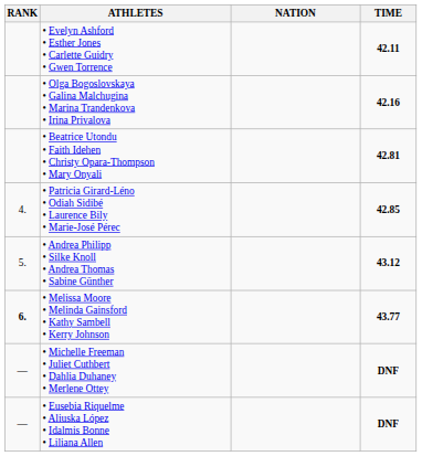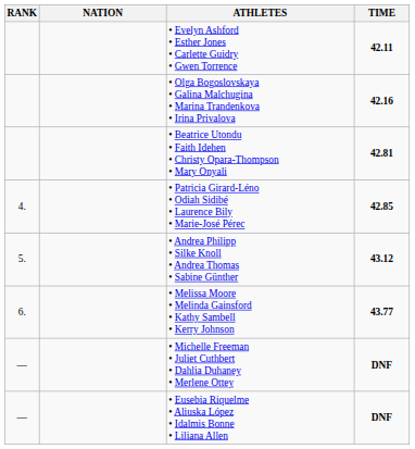 <table class="wikitable" style="border-collapse: collapse; font-size: 90%;">
 <tr>
 <th>RANK</th>
+<th style="width: 12em">NATION</th>
 <th style="width: 18em">ATHLETES</th>
-<th style="width: 12em">NATION</th>
 <th style="width: 5em">TIME</th>
 </tr>
 <tr>
 <td align="center"></td>
+<td align="center"></td>
 <td>• <a href='#'>Evelyn Ashford</a><br>• <a href='#'>Esther Jones</a><br>• <a href='#'>Carlette Guidry</a><br>• <a href='#'>Gwen Torrence</a></td>
-<td align="center"></td>
 <td align="center"><strong>42.11</strong></td>
 </tr>
 <tr>
 <td align="center"></td>
+<td align="center"></td>
 <td>• <a href='#'>Olga Bogoslovskaya</a><br>• <a href='#'>Galina Malchugina</a><br>• <a href='#'>Marina Trandenkova</a><br>• <a href='#'>Irina Privalova</a></td>
-<td align="center"></td>
 <td align="center"><strong>42.16</strong></td>
 </tr>
 <tr>
 <td align="center"></td>
+<td align="center"></td>
 <td>• <a href='#'>Beatrice Utondu</a><br>• <a href='#'>Faith Idehen</a><br>• <a href='#'>Christy Opara-Thompson</a><br>• <a href='#'>Mary Onyali</a></td>
-<td align="center"></td>
 <td align="center"><strong>42.81</strong></td>
 </tr>
 <tr>
 <td align="center">4.</td>
+<td align="center"></td>
 <td>• <a href='#'>Patricia Girard-Léno</a><br>• <a href='#'>Odiah Sidibé</a><br>• <a href='#'>Laurence Bily</a><br>• <a href='#'>Marie-José Pérec</a></td>
-<td align="center"></td>
 <td align="center"><strong>42.85</strong></td>
 </tr>
 <tr>
 <td align="center">5.</td>
+<td align="center"></td>
 <td>• <a href='#'>Andrea Philipp</a><br>• <a href='#'>Silke Knoll</a><br>• <a href='#'>Andrea Thomas</a><br>• <a href='#'>Sabine Günther</a></td>
-<td align="center"></td>
 <td align="center"><strong>43.12</strong></td>
 </tr>
 <tr>
-<td align="center"><strong>6.</strong></td>
+<td align="center">6.</td>
+<td align="center"></td>
 <td>• <a href='#'>Melissa Moore</a><br>• <a href='#'>Melinda Gainsford</a><br>• <a href='#'>Kathy Sambell</a><br>• <a href='#'>Kerry Johnson</a></td>
-<td align="center"></td>
 <td align="center"><strong>43.77</strong></td>
 </tr>
 <tr>
 <td align="center">—</td>
+<td align="center"></td>
 <td>• <a href='#'>Michelle Freeman</a><br>• <a href='#'>Juliet Cuthbert</a><br>• <a href='#'>Dahlia Duhaney</a><br>• <a href='#'>Merlene Ottey</a></td>
-<td align="center"></td>
 <td align="center"><strong>DNF</strong></td>
 </tr>
 <tr>
 <td align="center">—</td>
+<td align="center"></td>
 <td>• <a href='#'>Eusebia Riquelme</a><br>• <a href='#'>Aliuska López</a><br>• <a href='#'>Idalmis Bonne</a><br>• <a href='#'>Liliana Allen</a></td>
-<td align="center"></td>
 <td align="center"><strong>DNF</strong></td>
 </tr>
 </table>
